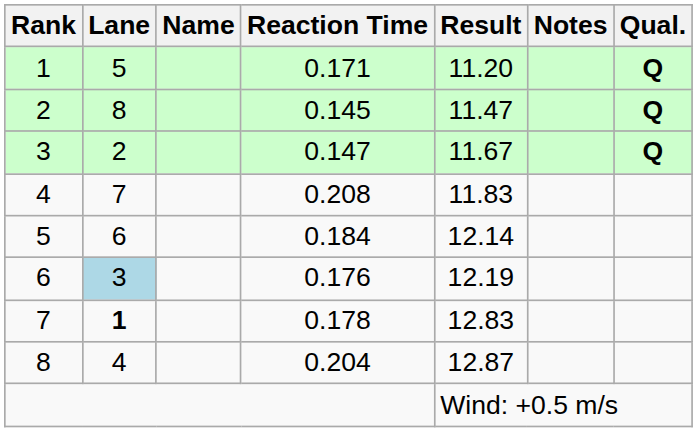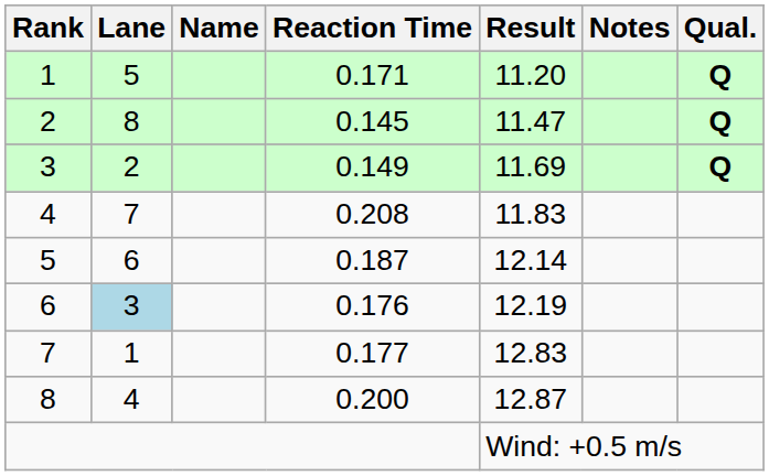 <table class="wikitable" style="text-align:center">
 <tr>
 <th>Rank</th>
 <th>Lane</th>
 <th>Name</th>
 <th>Reaction Time</th>
 <th>Result</th>
 <th>Notes</th>
 <th>Qual.</th>
 </tr>
 <tr bgcolor=ccffcc>
 <td>1</td>
 <td>5</td>
 <td align="left"></td>
 <td>0.171</td>
 <td>11.20</td>
 <td></td>
 <td><strong>Q</strong></td>
 </tr>
 <tr bgcolor=ccffcc>
 <td>2</td>
 <td>8</td>
 <td align="left"></td>
 <td>0.145</td>
 <td>11.47</td>
 <td></td>
 <td><strong>Q</strong></td>
 </tr>
 <tr bgcolor=ccffcc>
 <td>3</td>
 <td>2</td>
 <td align="left"></td>
-<td>0.147</td>
-<td>11.67</td>
+<td>0.149</td>
+<td>11.69</td>
 <td></td>
 <td><strong>Q</strong></td>
 </tr>
 <tr>
 <td>4</td>
 <td>7</td>
 <td align="left"></td>
 <td>0.208</td>
 <td>11.83</td>
 <td></td>
 <td></td>
 </tr>
 <tr>
 <td>5</td>
 <td>6</td>
 <td align="left"></td>
-<td>0.184</td>
+<td>0.187</td>
 <td>12.14</td>
 <td></td>
 <td></td>
 </tr>
 <tr>
 <td>6</td>
 <td style="background: lightblue;">3</td>
 <td align="left"></td>
 <td>0.176</td>
 <td>12.19</td>
 <td></td>
 <td></td>
 </tr>
 <tr>
 <td>7</td>
-<td><strong>1</strong></td>
+<td>1</td>
 <td align="left"></td>
-<td>0.178</td>
+<td>0.177</td>
 <td>12.83</td>
 <td></td>
 <td></td>
 </tr>
 <tr>
 <td>8</td>
 <td>4</td>
 <td align="left"></td>
-<td>0.204</td>
+<td>0.200</td>
 <td>12.87</td>
 <td></td>
 <td></td>
 </tr>
 <tr class="sortbottom">
 <td colspan=4></td>
 <td colspan="3" style="text-align:left;">Wind: +0.5 m/s</td>
 </tr>
 </table>
